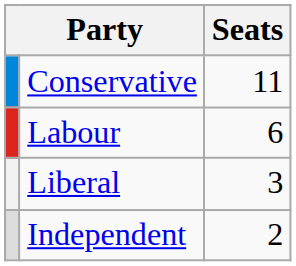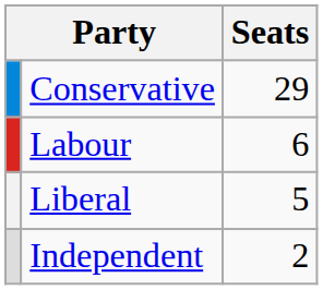 <table class="wikitable">
 <tr>
 <th colspan=2>Party</th>
 <th>Seats</th>
 </tr>
 <tr>
 <th style="background-color: #0087DC"></th>
 <td><a href='#'>Conservative</a></td>
-<td align=right>11</td>
+<td align=right>29</td>
 </tr>
 <tr>
 <th style="background-color: #DC241f"></th>
 <td><a href='#'>Labour</a></td>
 <td align=right>6</td>
 </tr>
 <tr>
 <th style="background-color: "></th>
 <td><a href='#'>Liberal</a></td>
-<td align=right>3</td>
+<td align=right>5</td>
 </tr>
 <tr>
 <th style="background-color: #DDDDDD"></th>
 <td><a href='#'>Independent</a></td>
 <td align=right>2</td>
 </tr>
 </table>
